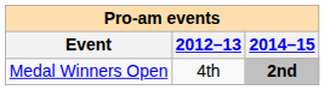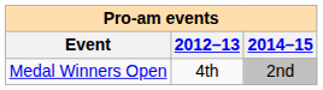 <table class="wikitable" style="text-align:center">
 <tr>
 <th style="background-color: #ffdead; " colspan=3 align=center>Pro-am events</th>
 </tr>
 <tr>
 <th>Event</th>
 <th><a href='#'>2012–13</a></th>
 <th><a href='#'>2014–15</a></th>
 </tr>
 <tr>
 <td align=left><a href='#'>Medal Winners Open</a></td>
 <td>4th</td>
-<td bgcolor=silver><strong>2nd</strong></td>
+<td bgcolor=silver>2nd</td>
 </tr>
 </table>
